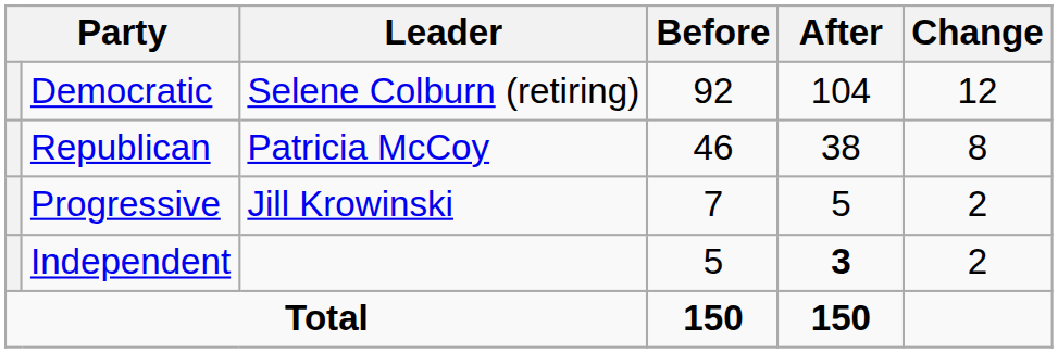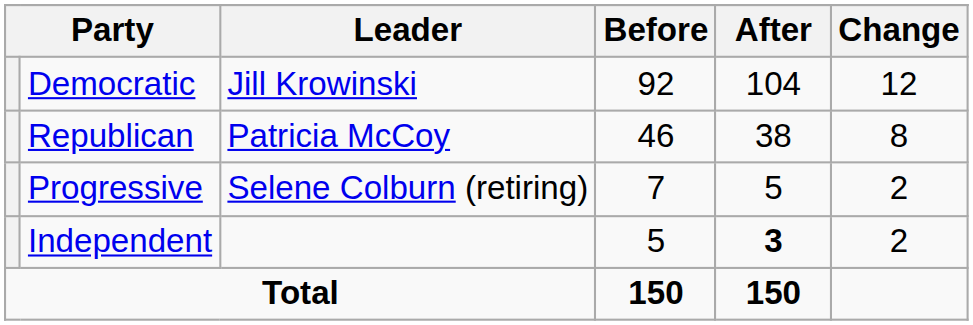 <table class="wikitable" style="text-align:center;">
 <tr>
 </tr>
 <tr>
 <th colspan=2>Party</th>
 <th>Leader</th>
 <th style="width:3em">Before</th>
 <th style="width:3em">After</th>
 <th style="width:3em">Change</th>
 </tr>
 <tr>
 <th style="background-color:"></th>
 <td style="text-align:left;"><a href='#'>Democratic</a></td>
-<td style="text-align:left;"><a href='#'>Selene Colburn</a> (retiring)</td>
+<td style="text-align:left;"><a href='#'>Jill Krowinski</a></td>
 <td>92</td>
 <td>104</td>
 <td>12</td>
 </tr>
 <tr>
 <th style="background-color:"></th>
 <td style="text-align:left;"><a href='#'>Republican</a></td>
 <td style="text-align:left;"><a href='#'>Patricia McCoy</a></td>
 <td>46</td>
 <td>38</td>
 <td>8</td>
 </tr>
 <tr>
 <th style="background-color:"></th>
 <td style="text-align:left;"><a href='#'>Progressive</a></td>
-<td style="text-align:left;"><a href='#'>Jill Krowinski</a></td>
+<td style="text-align:left;"><a href='#'>Selene Colburn</a> (retiring)</td>
 <td>7</td>
 <td>5</td>
 <td>2</td>
 </tr>
 <tr>
 <th style="background-color:"></th>
 <td style="text-align:left;"><a href='#'>Independent</a></td>
 <td style="text-align:left;"></td>
 <td>5</td>
 <td><strong>3</strong></td>
 <td>2</td>
 </tr>
 <tr>
 <td colspan=3><strong>Total</strong></td>
 <td><strong>150</strong></td>
 <td><strong>150</strong></td>
 <td></td>
 </tr>
 </table>
